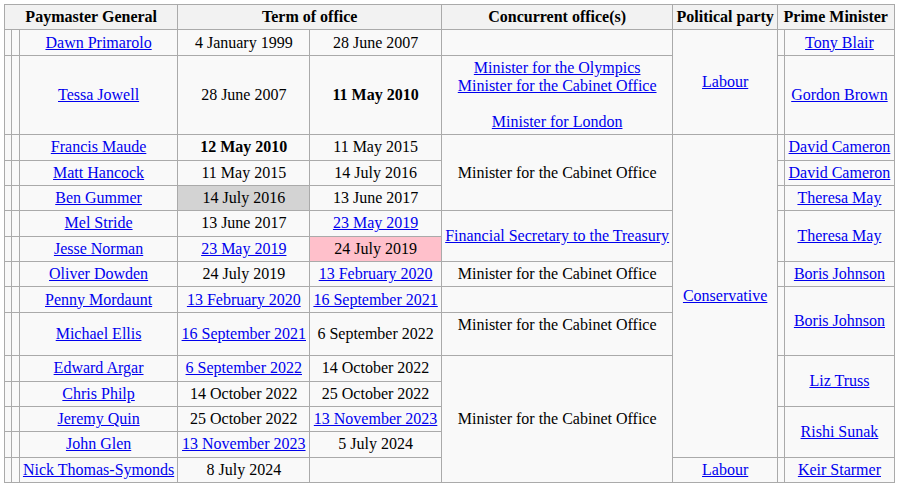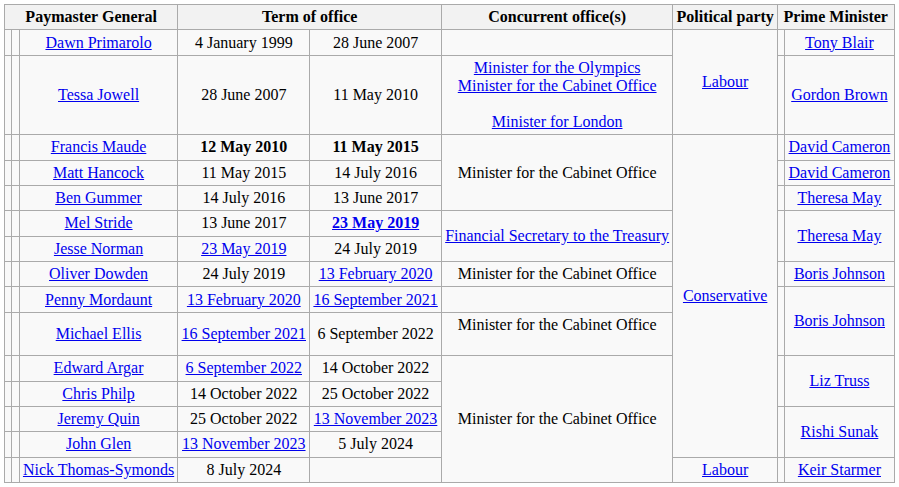 <table class="wikitable" style="text-align:center">
 <tr>
 <th colspan=3>Paymaster General</th>
 <th colspan=2>Term of office</th>
 <th>Concurrent office(s)</th>
 <th>Political party</th>
 <th colspan=2>Prime Minister</th>
 </tr>
 <tr style="height:1em">
 <td style="background-color:"></td>
 <td></td>
 <td><a href='#'>Dawn Primarolo</a><br></td>
 <td>4 January 1999</td>
 <td>28 June 2007</td>
 <td></td>
 <td rowspan=2><a href='#'>Labour</a></td>
 <td style="background-color:"></td>
 <td><a href='#'>Tony Blair</a><br></td>
 </tr>
 <tr style="height:1em">
 <td style="background-color:"></td>
 <td></td>
 <td><a href='#'>Tessa Jowell</a><br></td>
 <td>28 June 2007</td>
-<td><strong>11 May 2010</strong></td>
+<td>11 May 2010</td>
 <td><a href='#'>Minister for the Olympics</a><br><a href='#'>Minister for the Cabinet Office</a><br><br><a href='#'>Minister for London</a><br></td>
 <td style="background-color:"></td>
 <td><a href='#'>Gordon Brown</a><br></td>
 </tr>
 <tr style="height:1em">
 <td style="background-color:"></td>
 <td></td>
 <td><a href='#'>Francis Maude</a><br></td>
 <td><strong>12 May 2010</strong></td>
-<td>11 May 2015</td>
+<td><strong>11 May 2015</strong></td>
 <td rowspan=3>Minister for the Cabinet Office</td>
 <td rowspan=12><a href='#'>Conservative</a></td>
 <td style="background-color:"></td>
 <td><a href='#'>David Cameron</a><br></td>
 </tr>
 <tr style="height:1em">
 <td style="background-color:"></td>
 <td></td>
 <td><a href='#'>Matt Hancock</a><br></td>
 <td>11 May 2015</td>
 <td>14 July 2016</td>
 <td style="background-color:"></td>
 <td><a href='#'>David Cameron</a><br></td>
 </tr>
 <tr style="height:1em">
 <td style="background-color:"></td>
 <td></td>
 <td><a href='#'>Ben Gummer</a><br></td>
-<td style="background: lightgrey;">14 July 2016</td>
+<td>14 July 2016</td>
 <td>13 June 2017</td>
 <td style="background-color:"></td>
 <td><a href='#'>Theresa May</a><br></td>
 </tr>
 <tr style="height:1em">
 <td style="background-color:"></td>
 <td></td>
 <td><a href='#'>Mel Stride</a><br></td>
 <td>13 June 2017</td>
-<td><a href='#'>23 May 2019</a></td>
+<td><strong><a href='#'>23 May 2019</a></strong></td>
 <td rowspan=2><a href='#'>Financial Secretary to the Treasury</a></td>
 <td rowspan=2 style="background-color:"></td>
 <td rowspan=2><a href='#'>Theresa May</a><br></td>
 </tr>
 <tr style="height:1em">
 <td style="background-color:"></td>
 <td></td>
 <td><a href='#'>Jesse Norman</a><br></td>
 <td><a href='#'>23 May 2019</a></td>
-<td style="background: pink;">24 July 2019</td>
+<td>24 July 2019</td>
 </tr>
 <tr style="height:1em">
 <td style="background-color:"></td>
 <td></td>
 <td><a href='#'>Oliver Dowden</a><br></td>
 <td>24 July 2019</td>
 <td><a href='#'>13 February 2020</a></td>
 <td>Minister for the Cabinet Office</td>
 <td style="background-color:"></td>
 <td><a href='#'>Boris Johnson</a><br></td>
 </tr>
 <tr style="height:1em">
 <td style="background-color:"></td>
 <td></td>
 <td><a href='#'>Penny Mordaunt</a><br></td>
 <td><a href='#'>13 February 2020</a></td>
 <td><a href='#'>16 September 2021</a></td>
 <td></td>
 <td rowspan=2 style="background-color:"></td>
 <td rowspan=2><a href='#'>Boris Johnson</a><br></td>
 </tr>
 <tr style="height:1em">
 <td style="background-color:"></td>
 <td></td>
 <td><a href='#'>Michael Ellis</a><br></td>
 <td><a href='#'>16 September 2021</a></td>
 <td>6 September 2022</td>
 <td>Minister for the Cabinet Office<br><br></td>
 </tr>
 <tr style="height:1em">
 <td style="background-color:"></td>
 <td></td>
 <td><a href='#'>Edward Argar</a><br></td>
 <td><a href='#'>6 September 2022</a></td>
 <td>14 October 2022</td>
 <td rowspan=5>Minister for the Cabinet Office</td>
 <td rowspan=2 style="background-color:"></td>
 <td rowspan=2><a href='#'>Liz Truss</a><br></td>
 </tr>
 <tr style="height:1em">
 <td style="background-color:"></td>
 <td></td>
 <td><a href='#'>Chris Philp</a><br></td>
 <td>14 October 2022</td>
 <td>25 October 2022</td>
 </tr>
 <tr style="height:1em">
 <td style="background-color:"></td>
 <td></td>
 <td><a href='#'>Jeremy Quin</a><br></td>
 <td>25 October 2022</td>
 <td><a href='#'>13 November 2023</a></td>
 <td rowspan="2" style="background-color:"></td>
 <td rowspan=2><a href='#'>Rishi Sunak</a><br></td>
 </tr>
 <tr style="height:1em">
 <td style="background-color:"></td>
 <td></td>
 <td><a href='#'>John Glen</a><br></td>
 <td><a href='#'>13 November 2023</a></td>
 <td>5 July 2024</td>
 </tr>
 <tr style="height:1em">
 <td style="background-color:"></td>
 <td></td>
 <td><a href='#'>Nick Thomas-Symonds</a><br></td>
 <td>8 July 2024</td>
 <td></td>
 <td><a href='#'>Labour</a></td>
 <td style="background-color:"></td>
 <td><a href='#'>Keir Starmer</a><br></td>
 </tr>
 </table>
